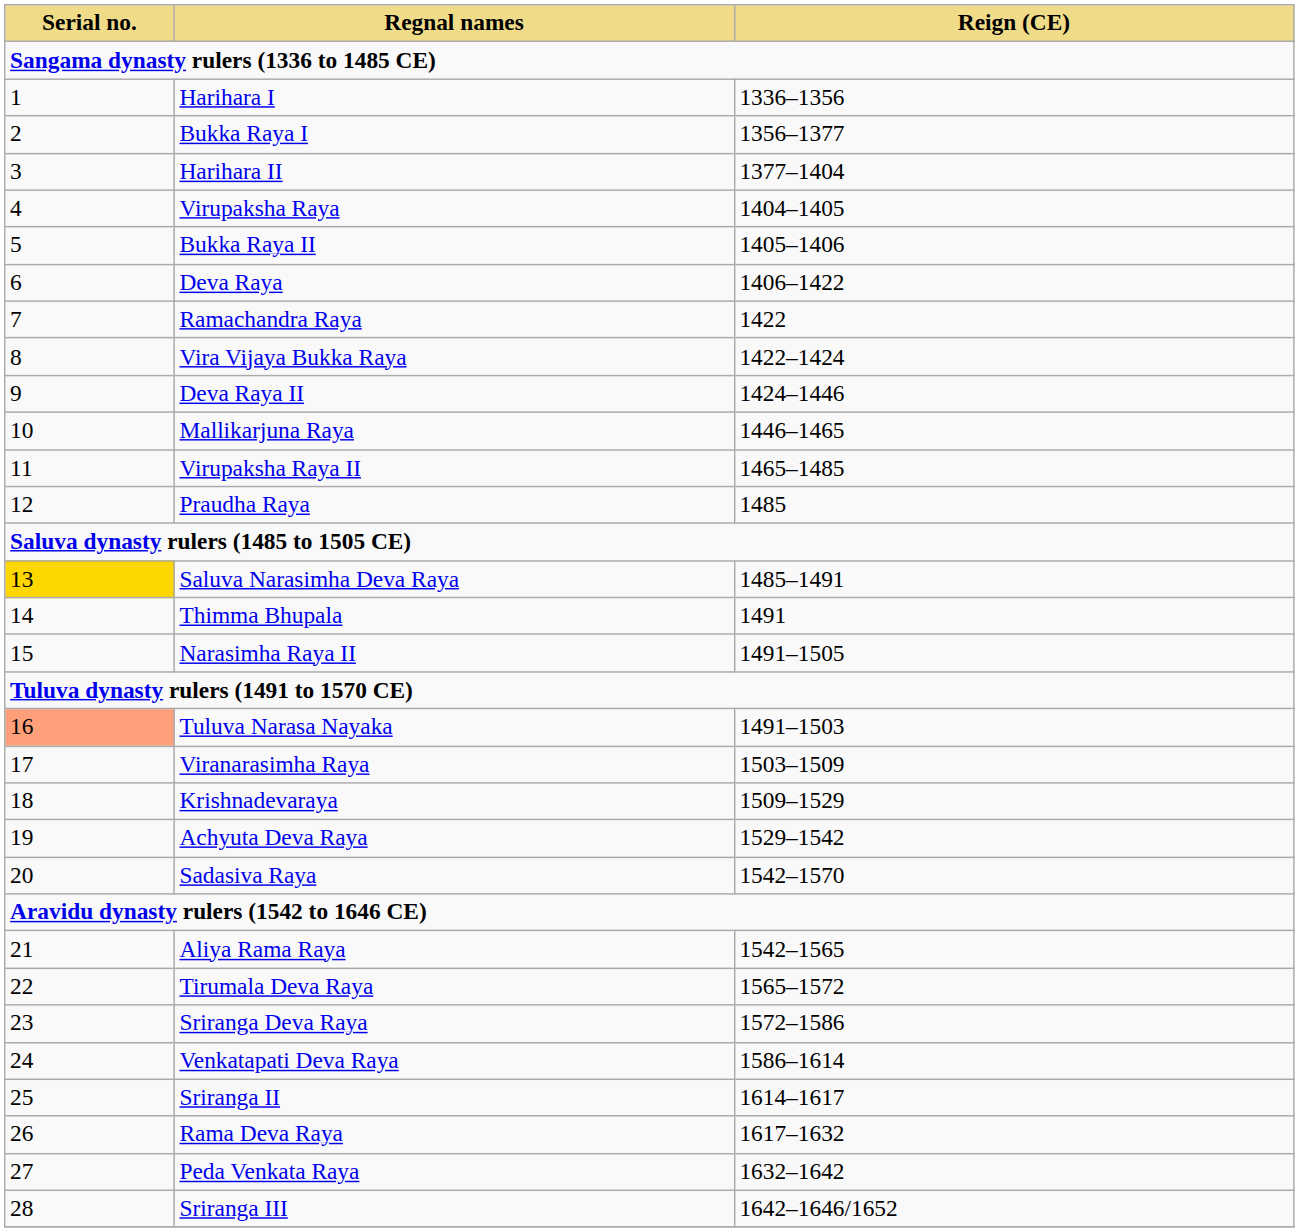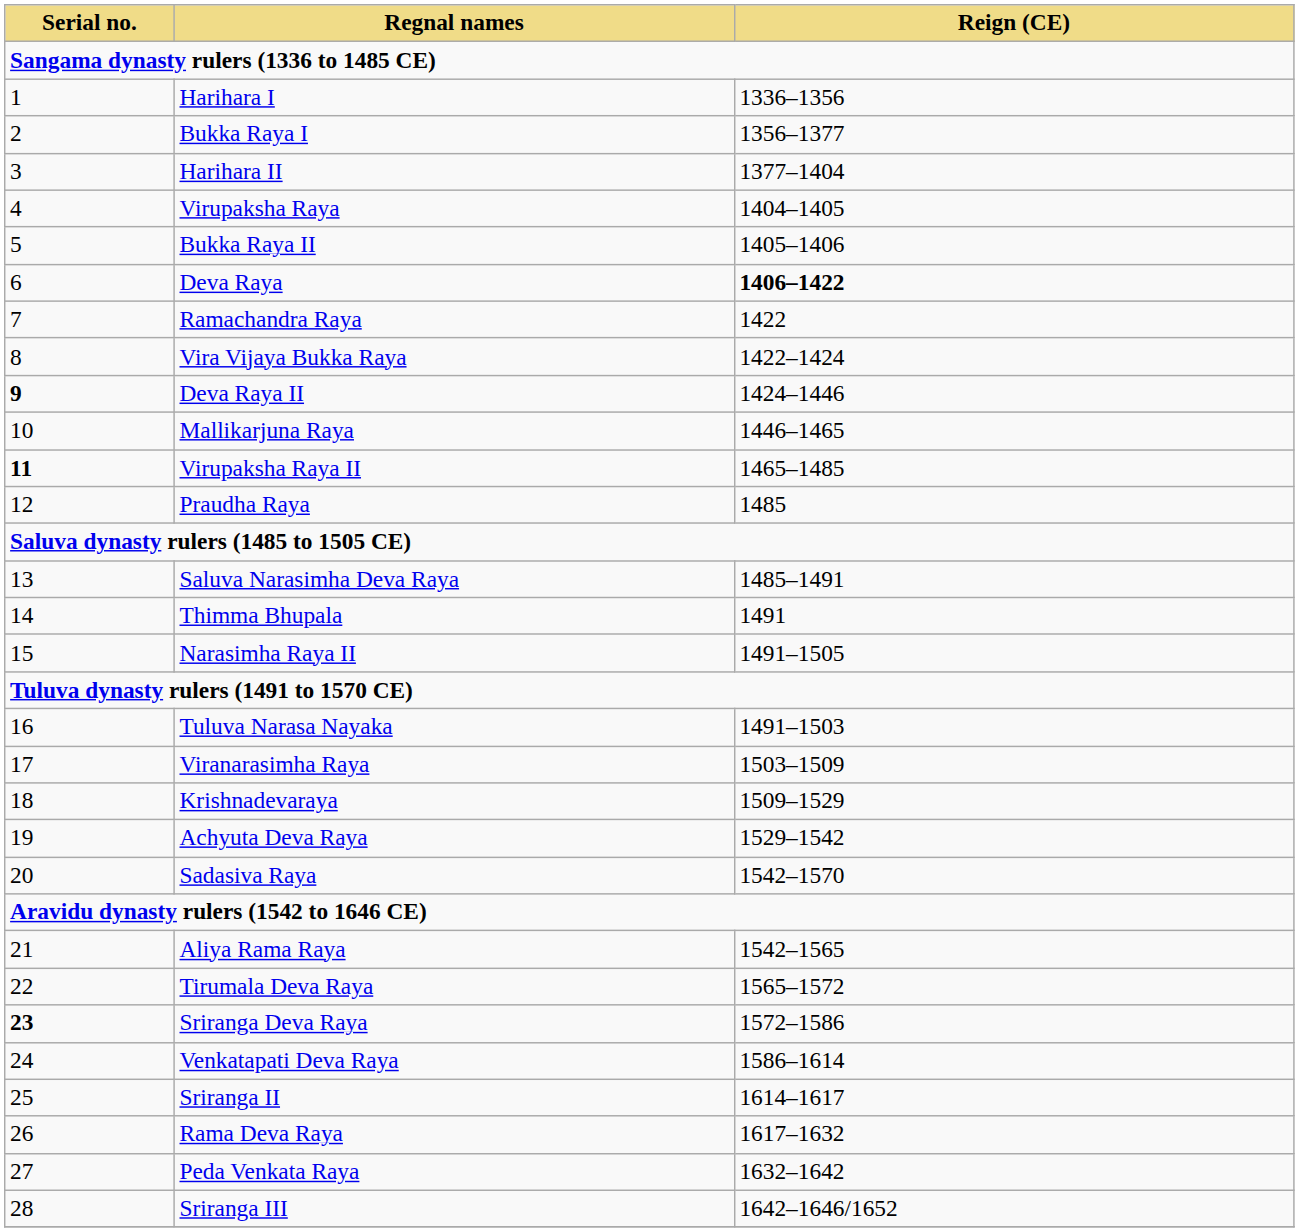 <table style="width:100%;" class="wikitable">
 <tr>
 <th style="background:#f0dc88; width:5%;">Serial no.</th>
 <th style="background:#f0dc88; width:17%;">Regnal names</th>
 <th style="background:#f0dc88; width:17%;">Reign (CE)</th>
 </tr>
 <tr>
 <td colspan="4"><strong><a href='#'>Sangama dynasty</a> rulers (1336 to 1485 CE)</strong></td>
 </tr>
 <tr>
 <td>1</td>
 <td><a href='#'>Harihara I</a></td>
 <td>1336–1356</td>
 </tr>
 <tr>
 <td>2</td>
 <td><a href='#'>Bukka Raya I</a></td>
 <td>1356–1377</td>
 </tr>
 <tr>
 <td>3</td>
 <td><a href='#'>Harihara II</a></td>
 <td>1377–1404</td>
 </tr>
 <tr>
 <td>4</td>
 <td><a href='#'>Virupaksha Raya</a></td>
 <td>1404–1405</td>
 </tr>
 <tr>
 <td>5</td>
 <td><a href='#'>Bukka Raya II</a></td>
 <td>1405–1406</td>
 </tr>
 <tr>
 <td>6</td>
 <td><a href='#'>Deva Raya</a></td>
-<td>1406–1422</td>
+<td><strong>1406–1422</strong></td>
 </tr>
 <tr>
 <td>7</td>
 <td><a href='#'>Ramachandra Raya</a></td>
 <td>1422</td>
 </tr>
 <tr>
 <td>8</td>
 <td><a href='#'>Vira Vijaya Bukka Raya</a></td>
 <td>1422–1424</td>
 </tr>
 <tr>
-<td>9</td>
+<td><strong>9</strong></td>
 <td><a href='#'>Deva Raya II</a></td>
 <td>1424–1446</td>
 </tr>
 <tr>
 <td>10</td>
 <td><a href='#'>Mallikarjuna Raya</a></td>
 <td>1446–1465</td>
 </tr>
 <tr>
-<td>11</td>
+<td><strong>11</strong></td>
 <td><a href='#'>Virupaksha Raya II</a></td>
 <td>1465–1485</td>
 </tr>
 <tr>
 <td>12</td>
 <td><a href='#'>Praudha Raya</a></td>
 <td>1485</td>
 </tr>
 <tr>
 <td colspan="3"><strong><a href='#'>Saluva dynasty</a> rulers (1485 to 1505 CE)</strong></td>
 </tr>
 <tr>
-<td style="background: gold;">13</td>
+<td>13</td>
 <td><a href='#'>Saluva Narasimha Deva Raya</a></td>
 <td>1485–1491</td>
 </tr>
 <tr>
 <td>14</td>
 <td><a href='#'>Thimma Bhupala</a></td>
 <td>1491</td>
 </tr>
 <tr>
 <td>15</td>
 <td><a href='#'>Narasimha Raya II</a></td>
 <td>1491–1505</td>
 </tr>
 <tr>
 <td colspan="3"><strong><a href='#'>Tuluva dynasty</a> rulers (1491 to 1570 CE)</strong></td>
 </tr>
 <tr>
-<td style="background: lightsalmon;">16</td>
+<td>16</td>
 <td><a href='#'>Tuluva Narasa Nayaka</a></td>
 <td>1491–1503</td>
 </tr>
 <tr>
 <td>17</td>
 <td><a href='#'>Viranarasimha Raya</a></td>
 <td>1503–1509</td>
 </tr>
 <tr>
 <td>18</td>
 <td><a href='#'>Krishnadevaraya</a></td>
 <td>1509–1529</td>
 </tr>
 <tr>
 <td>19</td>
 <td><a href='#'>Achyuta Deva Raya</a></td>
 <td>1529–1542</td>
 </tr>
 <tr>
 <td>20</td>
 <td><a href='#'>Sadasiva Raya</a></td>
 <td>1542–1570</td>
 </tr>
 <tr>
 <td colspan="3"><strong><a href='#'>Aravidu dynasty</a> rulers (1542 to 1646 CE)</strong></td>
 </tr>
 <tr>
 <td>21</td>
 <td><a href='#'>Aliya Rama Raya</a></td>
 <td>1542–1565</td>
 </tr>
 <tr>
 <td>22</td>
 <td><a href='#'>Tirumala Deva Raya</a></td>
 <td>1565–1572</td>
 </tr>
 <tr>
-<td>23</td>
+<td><strong>23</strong></td>
 <td><a href='#'>Sriranga Deva Raya</a></td>
 <td>1572–1586</td>
 </tr>
 <tr>
 <td>24</td>
 <td><a href='#'>Venkatapati Deva Raya</a></td>
 <td>1586–1614</td>
 </tr>
 <tr>
 <td>25</td>
 <td><a href='#'>Sriranga II</a></td>
 <td>1614–1617</td>
 </tr>
 <tr>
 <td>26</td>
 <td><a href='#'>Rama Deva Raya</a></td>
 <td>1617–1632</td>
 </tr>
 <tr>
 <td>27</td>
 <td><a href='#'>Peda Venkata Raya</a></td>
 <td>1632–1642</td>
 </tr>
 <tr>
 <td>28</td>
 <td><a href='#'>Sriranga III</a></td>
 <td>1642–1646/1652</td>
 </tr>
 <tr>
 </tr>
 </table>
